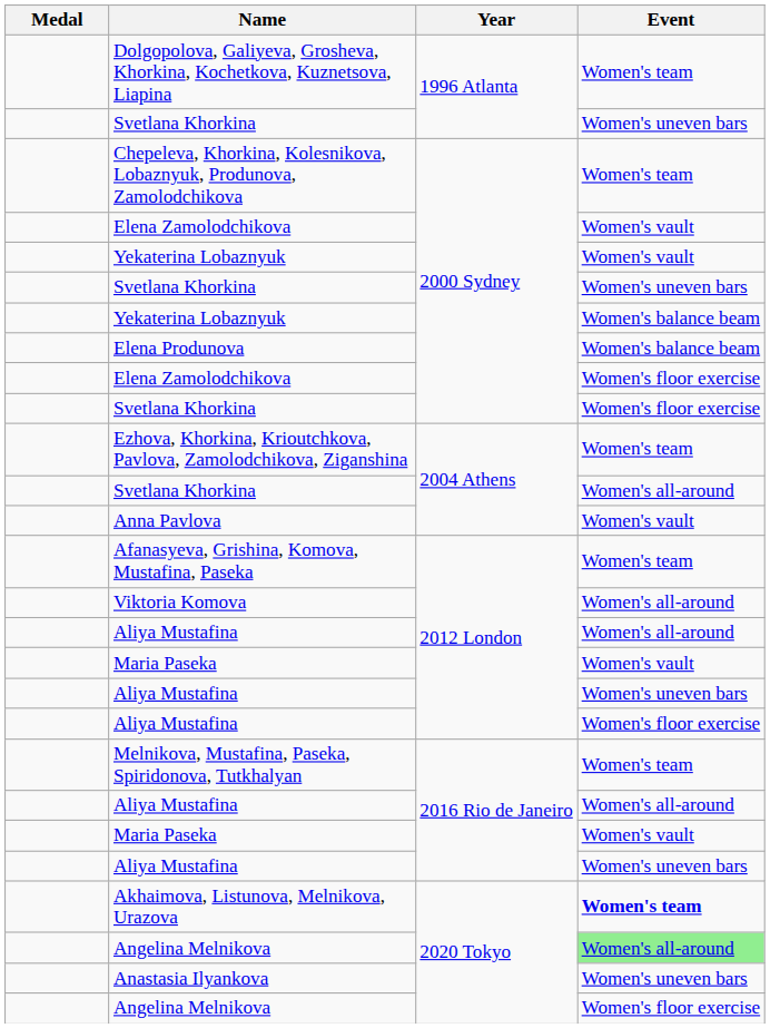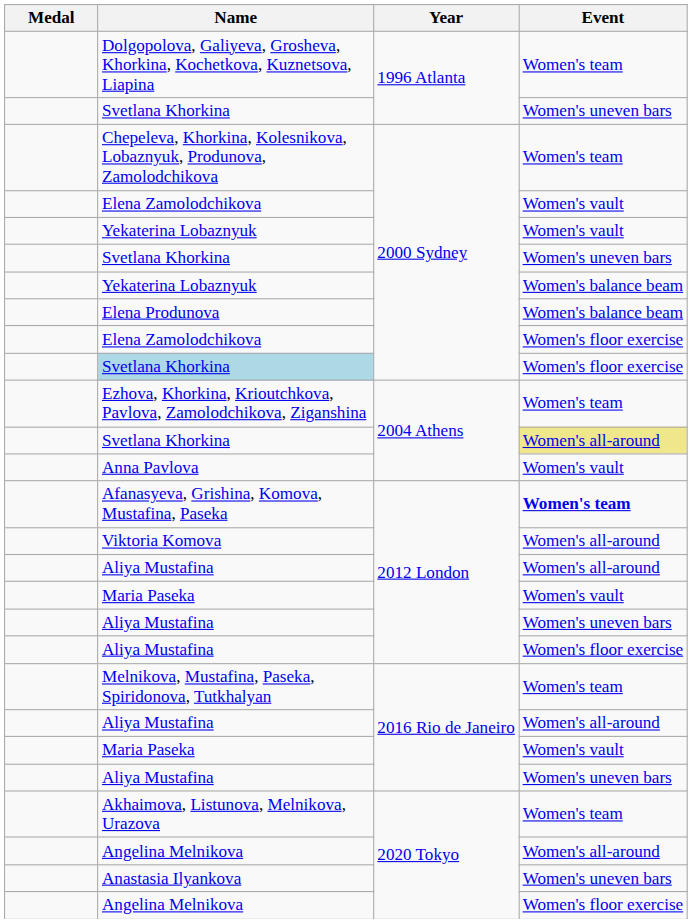 <table class="wikitable sortable">
 <tr>
 <th style="width:5em;">Medal</th>
 <th width=250>Name</th>
 <th>Year</th>
 <th>Event</th>
 </tr>
 <tr>
 <td></td>
 <td><a href='#'>Dolgopolova</a>, <a href='#'>Galiyeva</a>, <a href='#'>Grosheva</a>, <a href='#'>Khorkina</a>, <a href='#'>Kochetkova</a>, <a href='#'>Kuznetsova</a>, <a href='#'>Liapina</a></td>
 <td rowspan="2"> <a href='#'>1996 Atlanta</a></td>
 <td><a href='#'>Women's team</a></td>
 </tr>
 <tr>
 <td></td>
 <td><a href='#'>Svetlana Khorkina</a></td>
 <td><a href='#'>Women's uneven bars</a></td>
 </tr>
 <tr>
 <td></td>
 <td><a href='#'>Chepeleva</a>, <a href='#'>Khorkina</a>, <a href='#'>Kolesnikova</a>, <a href='#'>Lobaznyuk</a>, <a href='#'>Produnova</a>, <a href='#'>Zamolodchikova</a></td>
 <td rowspan="8"> <a href='#'>2000 Sydney</a></td>
 <td><a href='#'>Women's team</a></td>
 </tr>
 <tr>
 <td></td>
 <td><a href='#'>Elena Zamolodchikova</a></td>
 <td><a href='#'>Women's vault</a></td>
 </tr>
 <tr>
 <td></td>
 <td><a href='#'>Yekaterina Lobaznyuk</a></td>
 <td><a href='#'>Women's vault</a></td>
 </tr>
 <tr>
 <td></td>
 <td><a href='#'>Svetlana Khorkina</a></td>
 <td><a href='#'>Women's uneven bars</a></td>
 </tr>
 <tr>
 <td></td>
 <td><a href='#'>Yekaterina Lobaznyuk</a></td>
 <td><a href='#'>Women's balance beam</a></td>
 </tr>
 <tr>
 <td></td>
 <td><a href='#'>Elena Produnova</a></td>
 <td><a href='#'>Women's balance beam</a></td>
 </tr>
 <tr>
 <td></td>
 <td><a href='#'>Elena Zamolodchikova</a></td>
 <td><a href='#'>Women's floor exercise</a></td>
 </tr>
 <tr>
 <td></td>
-<td><a href='#'>Svetlana Khorkina</a></td>
+<td style="background: lightblue;"><a href='#'>Svetlana Khorkina</a></td>
 <td><a href='#'>Women's floor exercise</a></td>
 </tr>
 <tr>
 <td></td>
 <td><a href='#'>Ezhova</a>, <a href='#'>Khorkina</a>, <a href='#'>Krioutchkova</a>, <a href='#'>Pavlova</a>, <a href='#'>Zamolodchikova</a>, <a href='#'>Ziganshina</a></td>
 <td rowspan="3"> <a href='#'>2004 Athens</a></td>
 <td><a href='#'>Women's team</a></td>
 </tr>
 <tr>
 <td></td>
 <td><a href='#'>Svetlana Khorkina</a></td>
-<td><a href='#'>Women's all-around</a></td>
+<td style="background: khaki;"><a href='#'>Women's all-around</a></td>
 </tr>
 <tr>
 <td></td>
 <td><a href='#'>Anna Pavlova</a></td>
 <td><a href='#'>Women's vault</a></td>
 </tr>
 <tr>
 <td></td>
 <td><a href='#'>Afanasyeva</a>, <a href='#'>Grishina</a>, <a href='#'>Komova</a>,<br><a href='#'>Mustafina</a>, <a href='#'>Paseka</a></td>
 <td rowspan="6"> <a href='#'>2012 London</a></td>
-<td><a href='#'>Women's team</a></td>
+<td><strong><a href='#'>Women's team</a></strong></td>
 </tr>
 <tr>
 <td></td>
 <td><a href='#'>Viktoria Komova</a></td>
 <td><a href='#'>Women's all-around</a></td>
 </tr>
 <tr>
 <td></td>
 <td><a href='#'>Aliya Mustafina</a></td>
 <td><a href='#'>Women's all-around</a></td>
 </tr>
 <tr>
 <td></td>
 <td><a href='#'>Maria Paseka</a></td>
 <td><a href='#'>Women's vault</a></td>
 </tr>
 <tr>
 <td></td>
 <td><a href='#'>Aliya Mustafina</a></td>
 <td><a href='#'>Women's uneven bars</a></td>
 </tr>
 <tr>
 <td></td>
 <td><a href='#'>Aliya Mustafina</a></td>
 <td><a href='#'>Women's floor exercise</a></td>
 </tr>
 <tr>
 <td></td>
 <td><a href='#'>Melnikova</a>, <a href='#'>Mustafina</a>, <a href='#'>Paseka</a>, <a href='#'>Spiridonova</a>, <a href='#'>Tutkhalyan</a></td>
 <td rowspan="4"> <a href='#'>2016 Rio de Janeiro</a></td>
 <td><a href='#'>Women's team</a></td>
 </tr>
 <tr>
 <td></td>
 <td><a href='#'>Aliya Mustafina</a></td>
 <td><a href='#'>Women's all-around</a></td>
 </tr>
 <tr>
 <td></td>
 <td><a href='#'>Maria Paseka</a></td>
 <td><a href='#'>Women's vault</a></td>
 </tr>
 <tr>
 <td></td>
 <td><a href='#'>Aliya Mustafina</a></td>
 <td><a href='#'>Women's uneven bars</a></td>
 </tr>
 <tr>
 <td></td>
 <td><a href='#'>Akhaimova</a>, <a href='#'>Listunova</a>, <a href='#'>Melnikova</a>, <a href='#'>Urazova</a> </td>
 <td rowspan="4"> <a href='#'>2020 Tokyo</a></td>
-<td><strong><a href='#'>Women's team</a></strong></td>
+<td><a href='#'>Women's team</a></td>
 </tr>
 <tr>
 <td></td>
 <td><a href='#'>Angelina Melnikova</a> </td>
-<td style="background: lightgreen;"><a href='#'>Women's all-around</a></td>
+<td><a href='#'>Women's all-around</a></td>
 </tr>
 <tr>
 <td></td>
 <td><a href='#'>Anastasia Ilyankova</a> </td>
 <td><a href='#'>Women's uneven bars</a></td>
 </tr>
 <tr>
 <td></td>
 <td><a href='#'>Angelina Melnikova</a> </td>
 <td><a href='#'>Women's floor exercise</a></td>
 </tr>
 </table>
